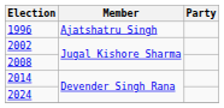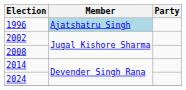 <table class="wikitable sortable">
 <tr>
 <th>Election</th>
 <th>Member</th>
 <th colspan=2>Party</th>
 </tr>
 <tr>
 <td><a href='#'>1996</a></td>
-<td><a href='#'>Ajatshatru Singh</a></td>
+<td style="background: lightblue;"><a href='#'>Ajatshatru Singh</a></td>
 <td></td>
 </tr>
 <tr>
 <td><a href='#'>2002</a></td>
 <td rowspan=2><a href='#'>Jugal Kishore Sharma</a></td>
 <td></td>
 </tr>
 <tr>
 <td><a href='#'>2008</a></td>
 </tr>
 <tr>
 <td><a href='#'>2014</a></td>
 <td rowspan=2><a href='#'>Devender Singh Rana</a></td>
 <td></td>
 </tr>
 <tr>
 <td><a href='#'>2024</a></td>
 <td></td>
 </tr>
 <tr>
 </tr>
 </table>
